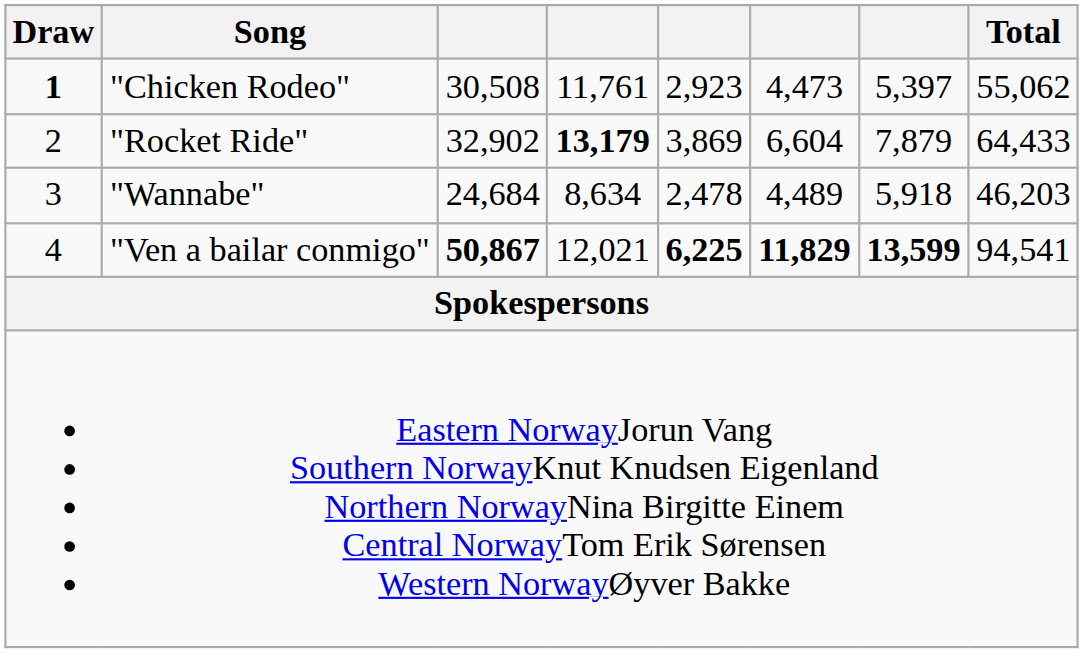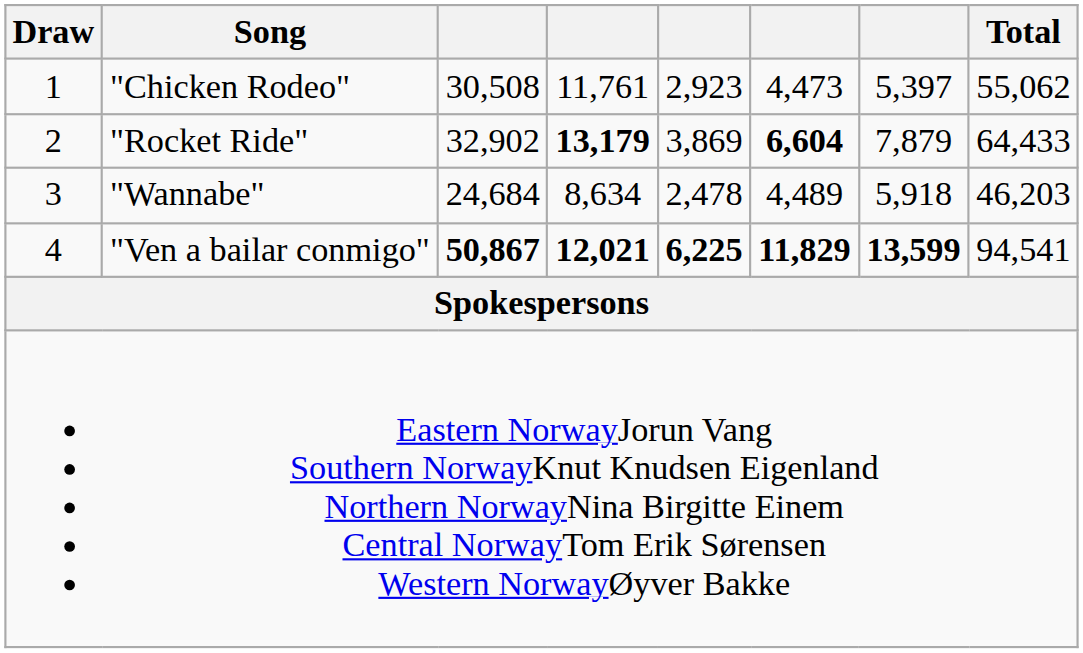 <table class="wikitable collapsible" style="margin: 1em auto 1em auto; text-align:center;">
 <tr>
 <th>Draw</th>
 <th>Song</th>
 <th><abbr></abbr></th>
 <th><abbr></abbr></th>
 <th><abbr></abbr></th>
 <th><abbr></abbr></th>
 <th><abbr></abbr></th>
 <th>Total</th>
 </tr>
 <tr>
-<td><strong>1</strong></td>
+<td>1</td>
 <td style="text-align:left;">"Chicken Rodeo"</td>
 <td>30,508</td>
 <td>11,761</td>
 <td>2,923</td>
 <td>4,473</td>
 <td>5,397</td>
 <td>55,062</td>
 </tr>
 <tr>
 <td>2</td>
 <td style="text-align:left;">"Rocket Ride"</td>
 <td>32,902</td>
 <td><strong>13,179</strong></td>
 <td>3,869</td>
-<td>6,604</td>
+<td><strong>6,604</strong></td>
 <td>7,879</td>
 <td>64,433</td>
 </tr>
 <tr>
 <td>3</td>
 <td style="text-align:left;">"Wannabe"</td>
 <td>24,684</td>
 <td>8,634</td>
 <td>2,478</td>
 <td>4,489</td>
 <td>5,918</td>
 <td>46,203</td>
 </tr>
 <tr>
 <td>4</td>
 <td style="text-align:left;">"Ven a bailar conmigo"</td>
 <td><strong>50,867</strong></td>
-<td>12,021</td>
+<td><strong>12,021</strong></td>
 <td><strong>6,225</strong></td>
 <td><strong>11,829</strong></td>
 <td><strong>13,599</strong></td>
 <td>94,541</td>
 </tr>
 <tr>
 <th colspan="8">Spokespersons</th>
 </tr>
 <tr>
 <td colspan="8"><br><ul><li><a href='#'>Eastern Norway</a>Jorun Vang</li><li><a href='#'>Southern Norway</a>Knut Knudsen Eigenland</li><li><a href='#'>Northern Norway</a>Nina Birgitte Einem</li><li><a href='#'>Central Norway</a>Tom Erik Sørensen</li><li><a href='#'>Western Norway</a>Øyver Bakke</li></ul></td>
 </tr>
 </table>
